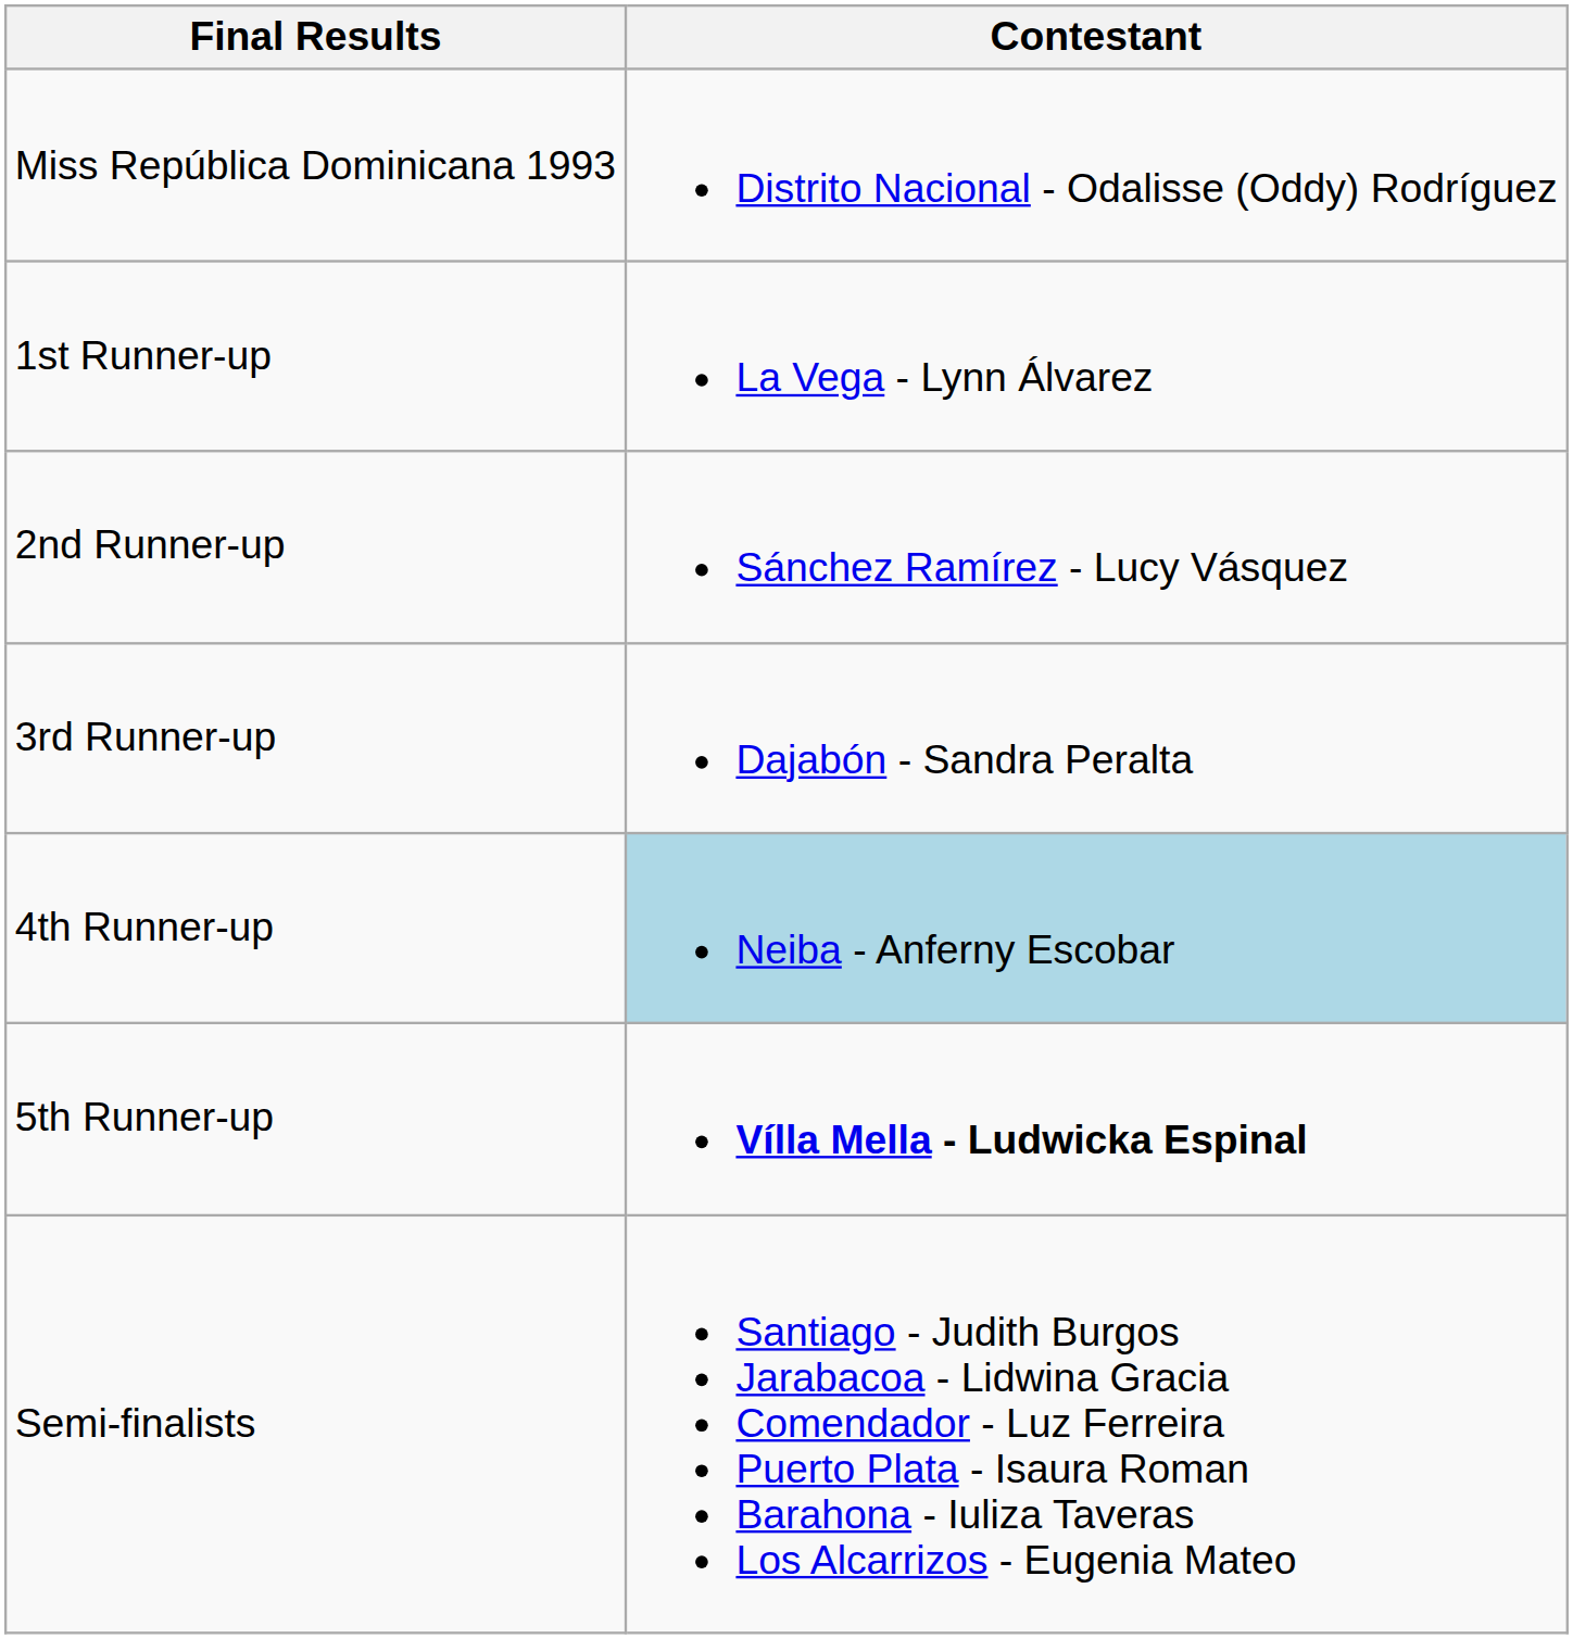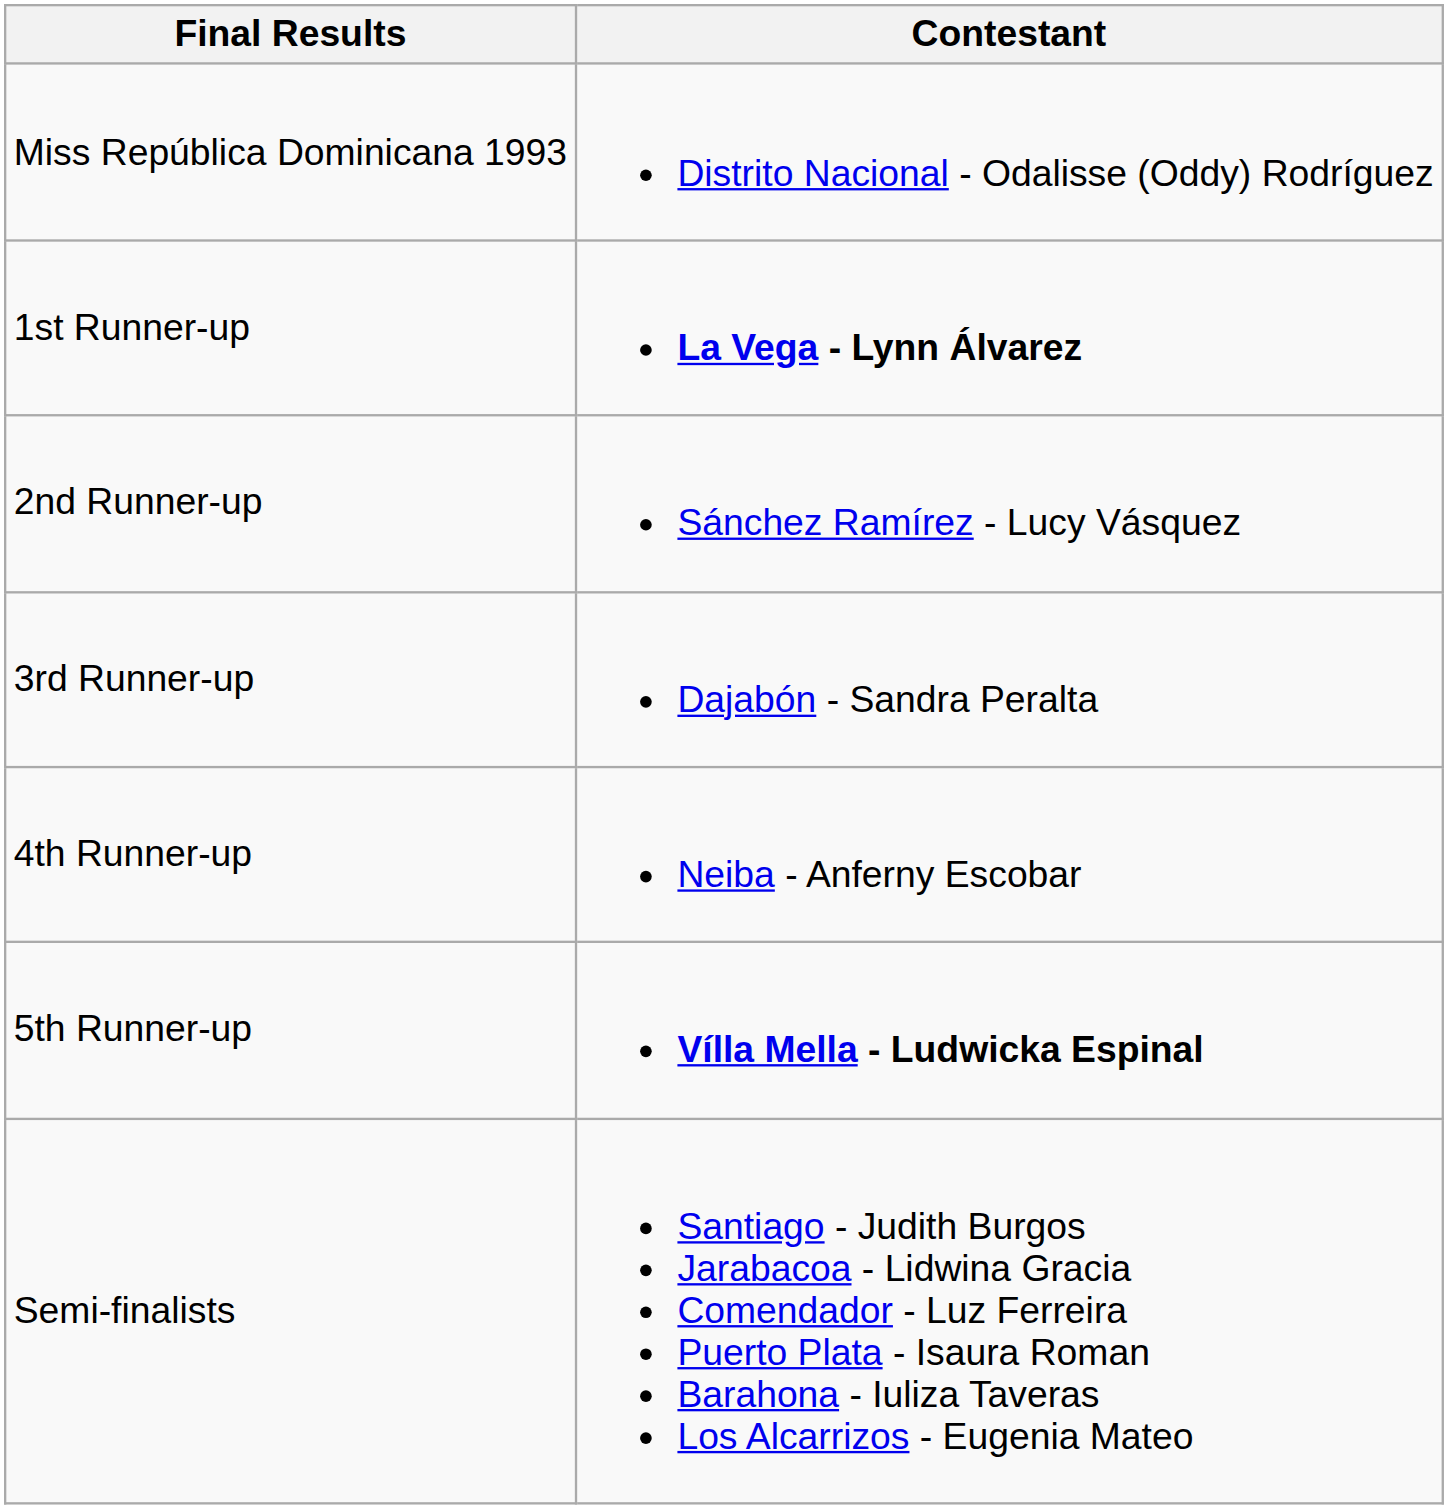 <table class="wikitable">
 <tr>
 <th>Final Results</th>
 <th>Contestant</th>
 </tr>
 <tr>
 <td>Miss República Dominicana 1993</td>
 <td><br><ul><li><a href='#'>Distrito Nacional</a> - Odalisse (Oddy) Rodríguez</li></ul></td>
 </tr>
 <tr )>
 <td>1st Runner-up</td>
-<td><br><ul><li><a href='#'>La Vega</a> - Lynn Álvarez</li></ul></td>
+<td><strong><br><ul><li><a href='#'>La Vega</a> - Lynn Álvarez</li></ul></strong></td>
 </tr>
 <tr>
 <td>2nd Runner-up</td>
 <td><br><ul><li><a href='#'>Sánchez Ramírez</a> - Lucy Vásquez</li></ul></td>
 </tr>
 <tr>
 <td>3rd Runner-up</td>
 <td><br><ul><li><a href='#'>Dajabón</a> - Sandra Peralta</li></ul></td>
 </tr>
 <tr>
 <td>4th Runner-up</td>
-<td style="background: lightblue;"><br><ul><li><a href='#'>Neiba</a> - Anferny Escobar</li></ul></td>
+<td><br><ul><li><a href='#'>Neiba</a> - Anferny Escobar</li></ul></td>
 </tr>
 <tr>
 <td>5th Runner-up</td>
 <td><strong><br><ul><li><a href='#'>Vílla Mella</a> - Ludwicka Espinal</li></ul></strong></td>
 </tr>
 <tr>
 <td>Semi-finalists</td>
 <td><br><ul><li><a href='#'>Santiago</a> - Judith Burgos</li><li><a href='#'>Jarabacoa</a> - Lidwina Gracia</li><li><a href='#'>Comendador</a> - Luz Ferreira</li><li><a href='#'>Puerto Plata</a> - Isaura Roman</li><li><a href='#'>Barahona</a> - Iuliza Taveras</li><li><a href='#'>Los Alcarrizos</a> - Eugenia Mateo</li></ul></td>
 </tr>
 </table>
